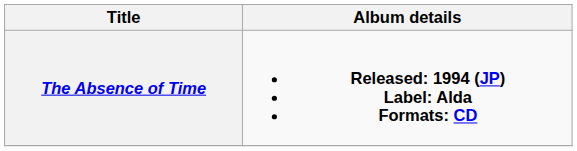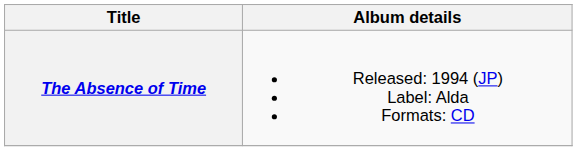 <table class="wikitable plainrowheaders" style="text-align:center;">
 <tr>
 <th scope="col" rowspan="1" style="width:14em;">Title</th>
 <th scope="col" rowspan="1" style="width:19.5em;">Album details</th>
 </tr>
 <tr>
 <th scope="row"><em><a href='#'>The Absence of Time</a></em></th>
-<td><strong><br><ul><li>Released: 1994 <span>(<a href='#'>JP</a>)</span></li><li>Label: Alda</li><li>Formats: <a href='#'>CD</a></li></ul></strong></td>
+<td><br><ul><li>Released: 1994 <span>(<a href='#'>JP</a>)</span></li><li>Label: Alda</li><li>Formats: <a href='#'>CD</a></li></ul></td>
 </tr>
 <tr>
 </tr>
 </table>
